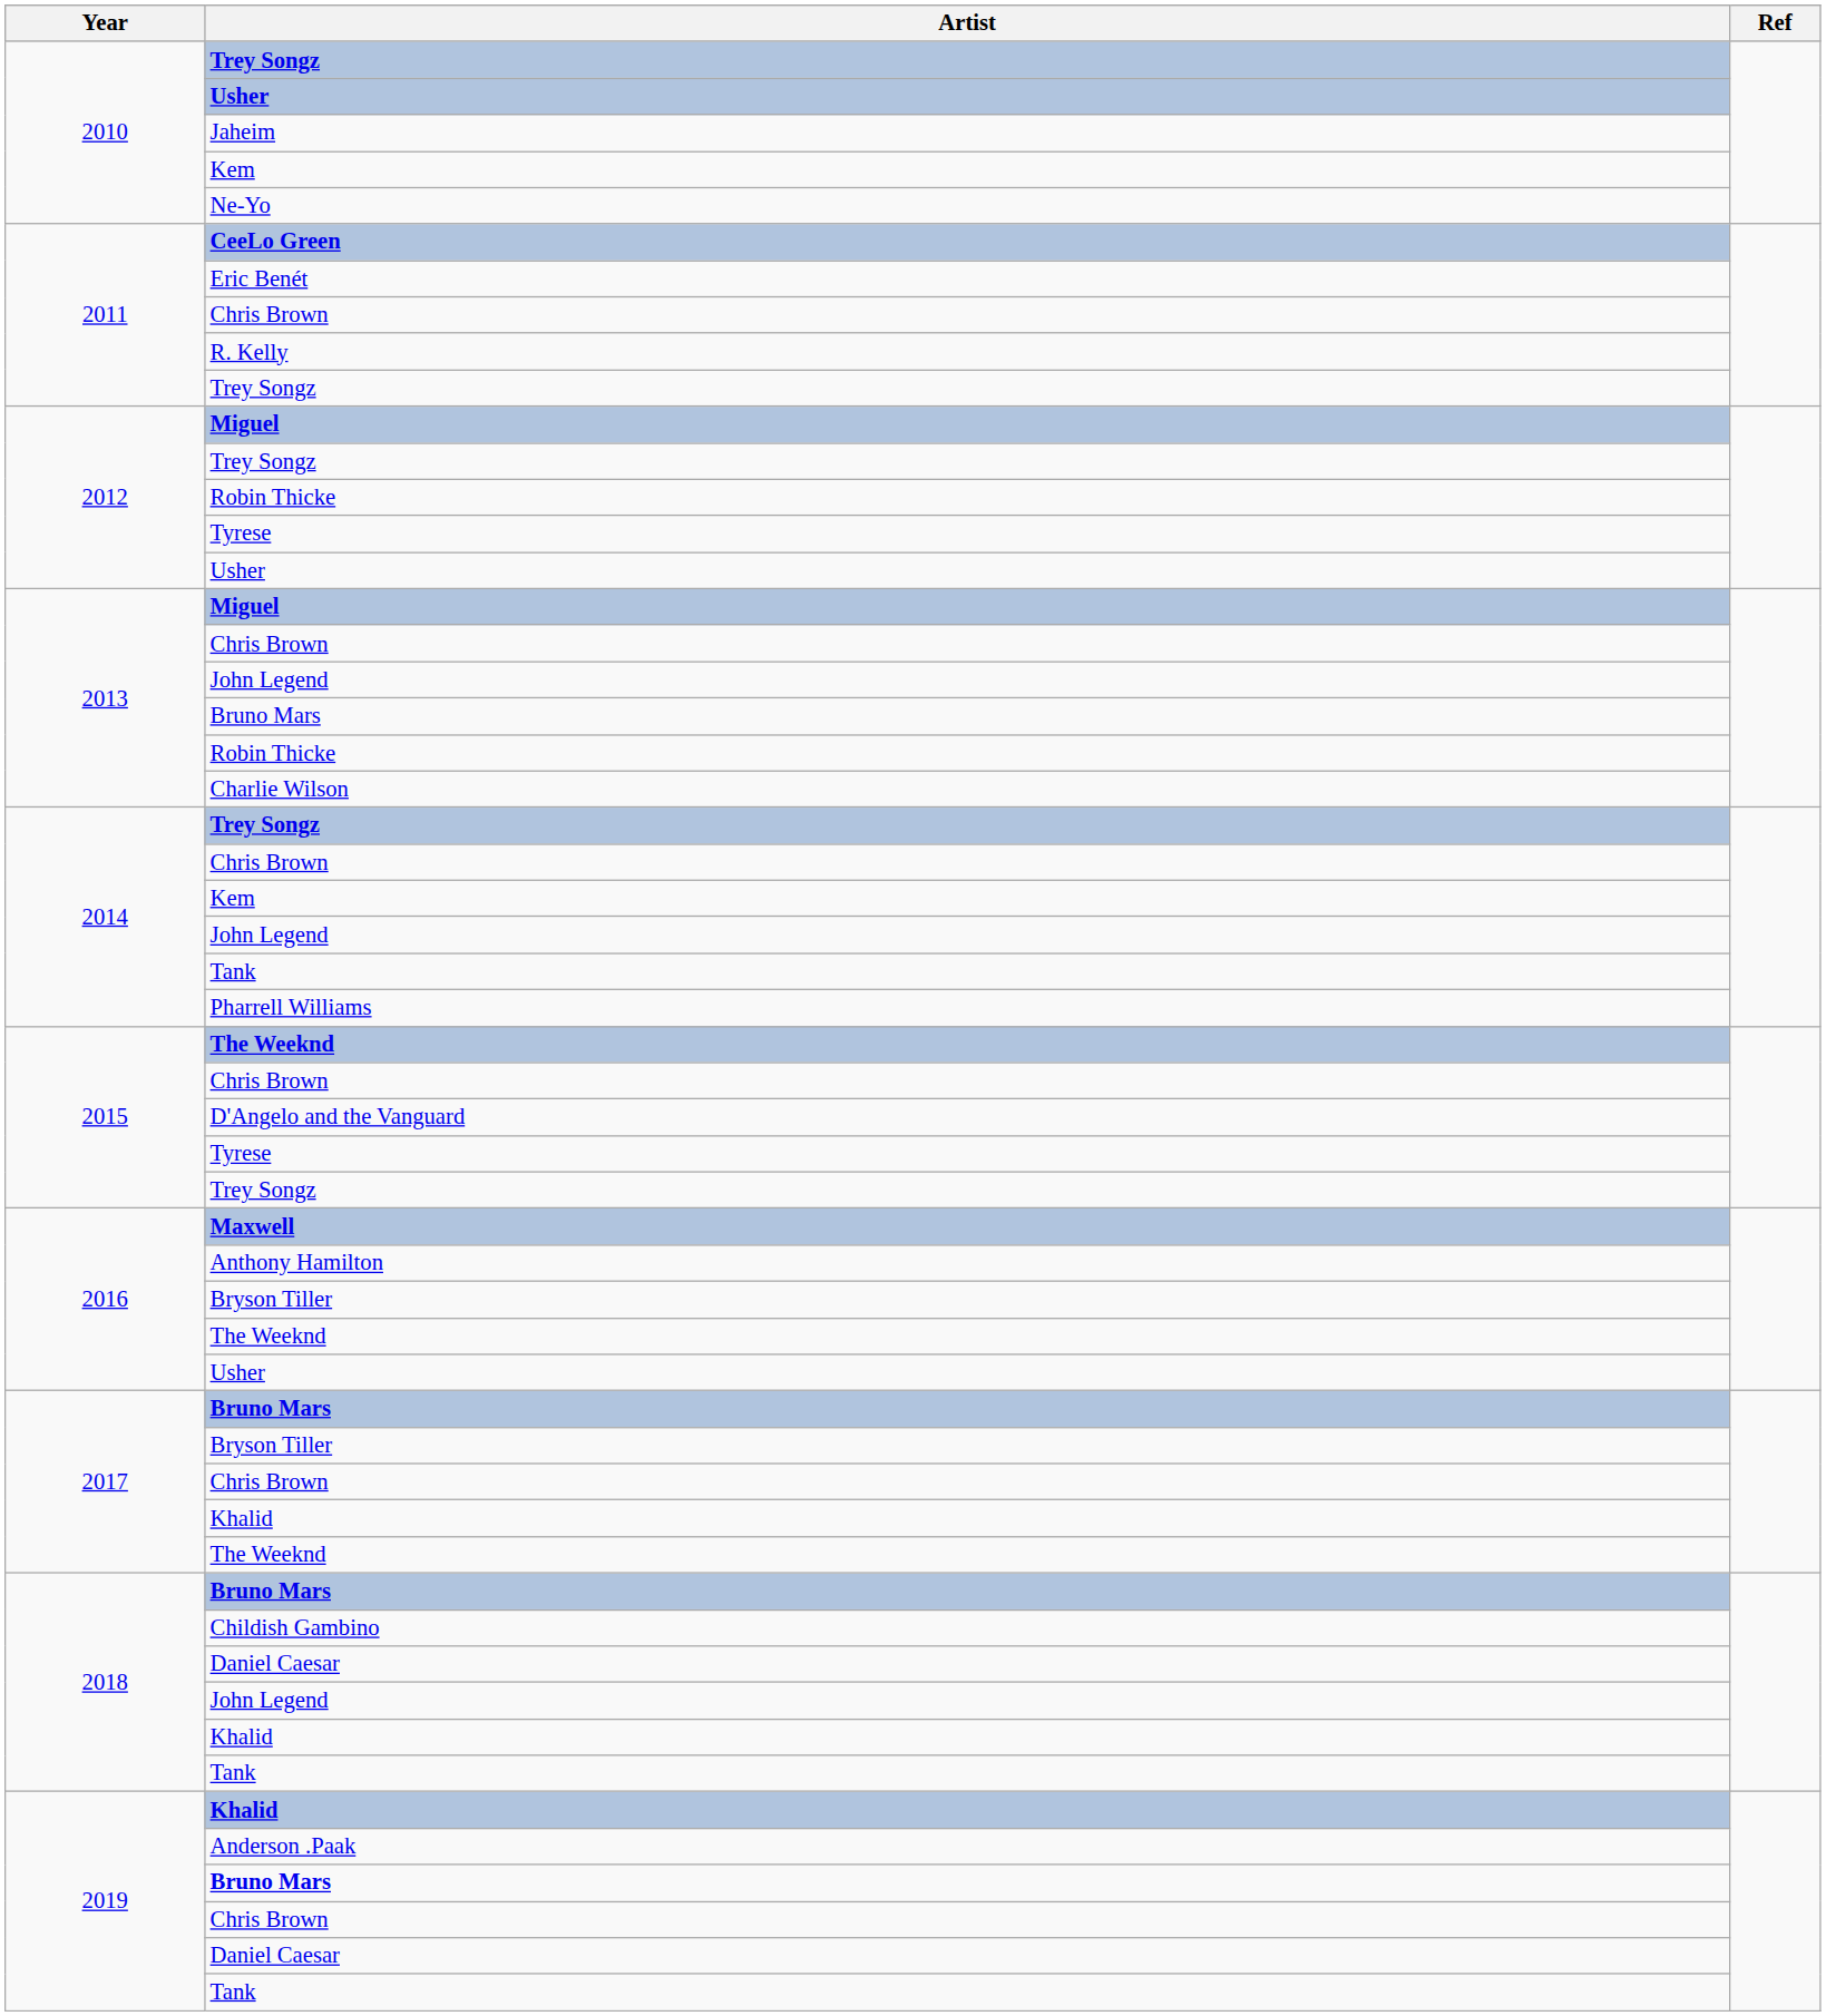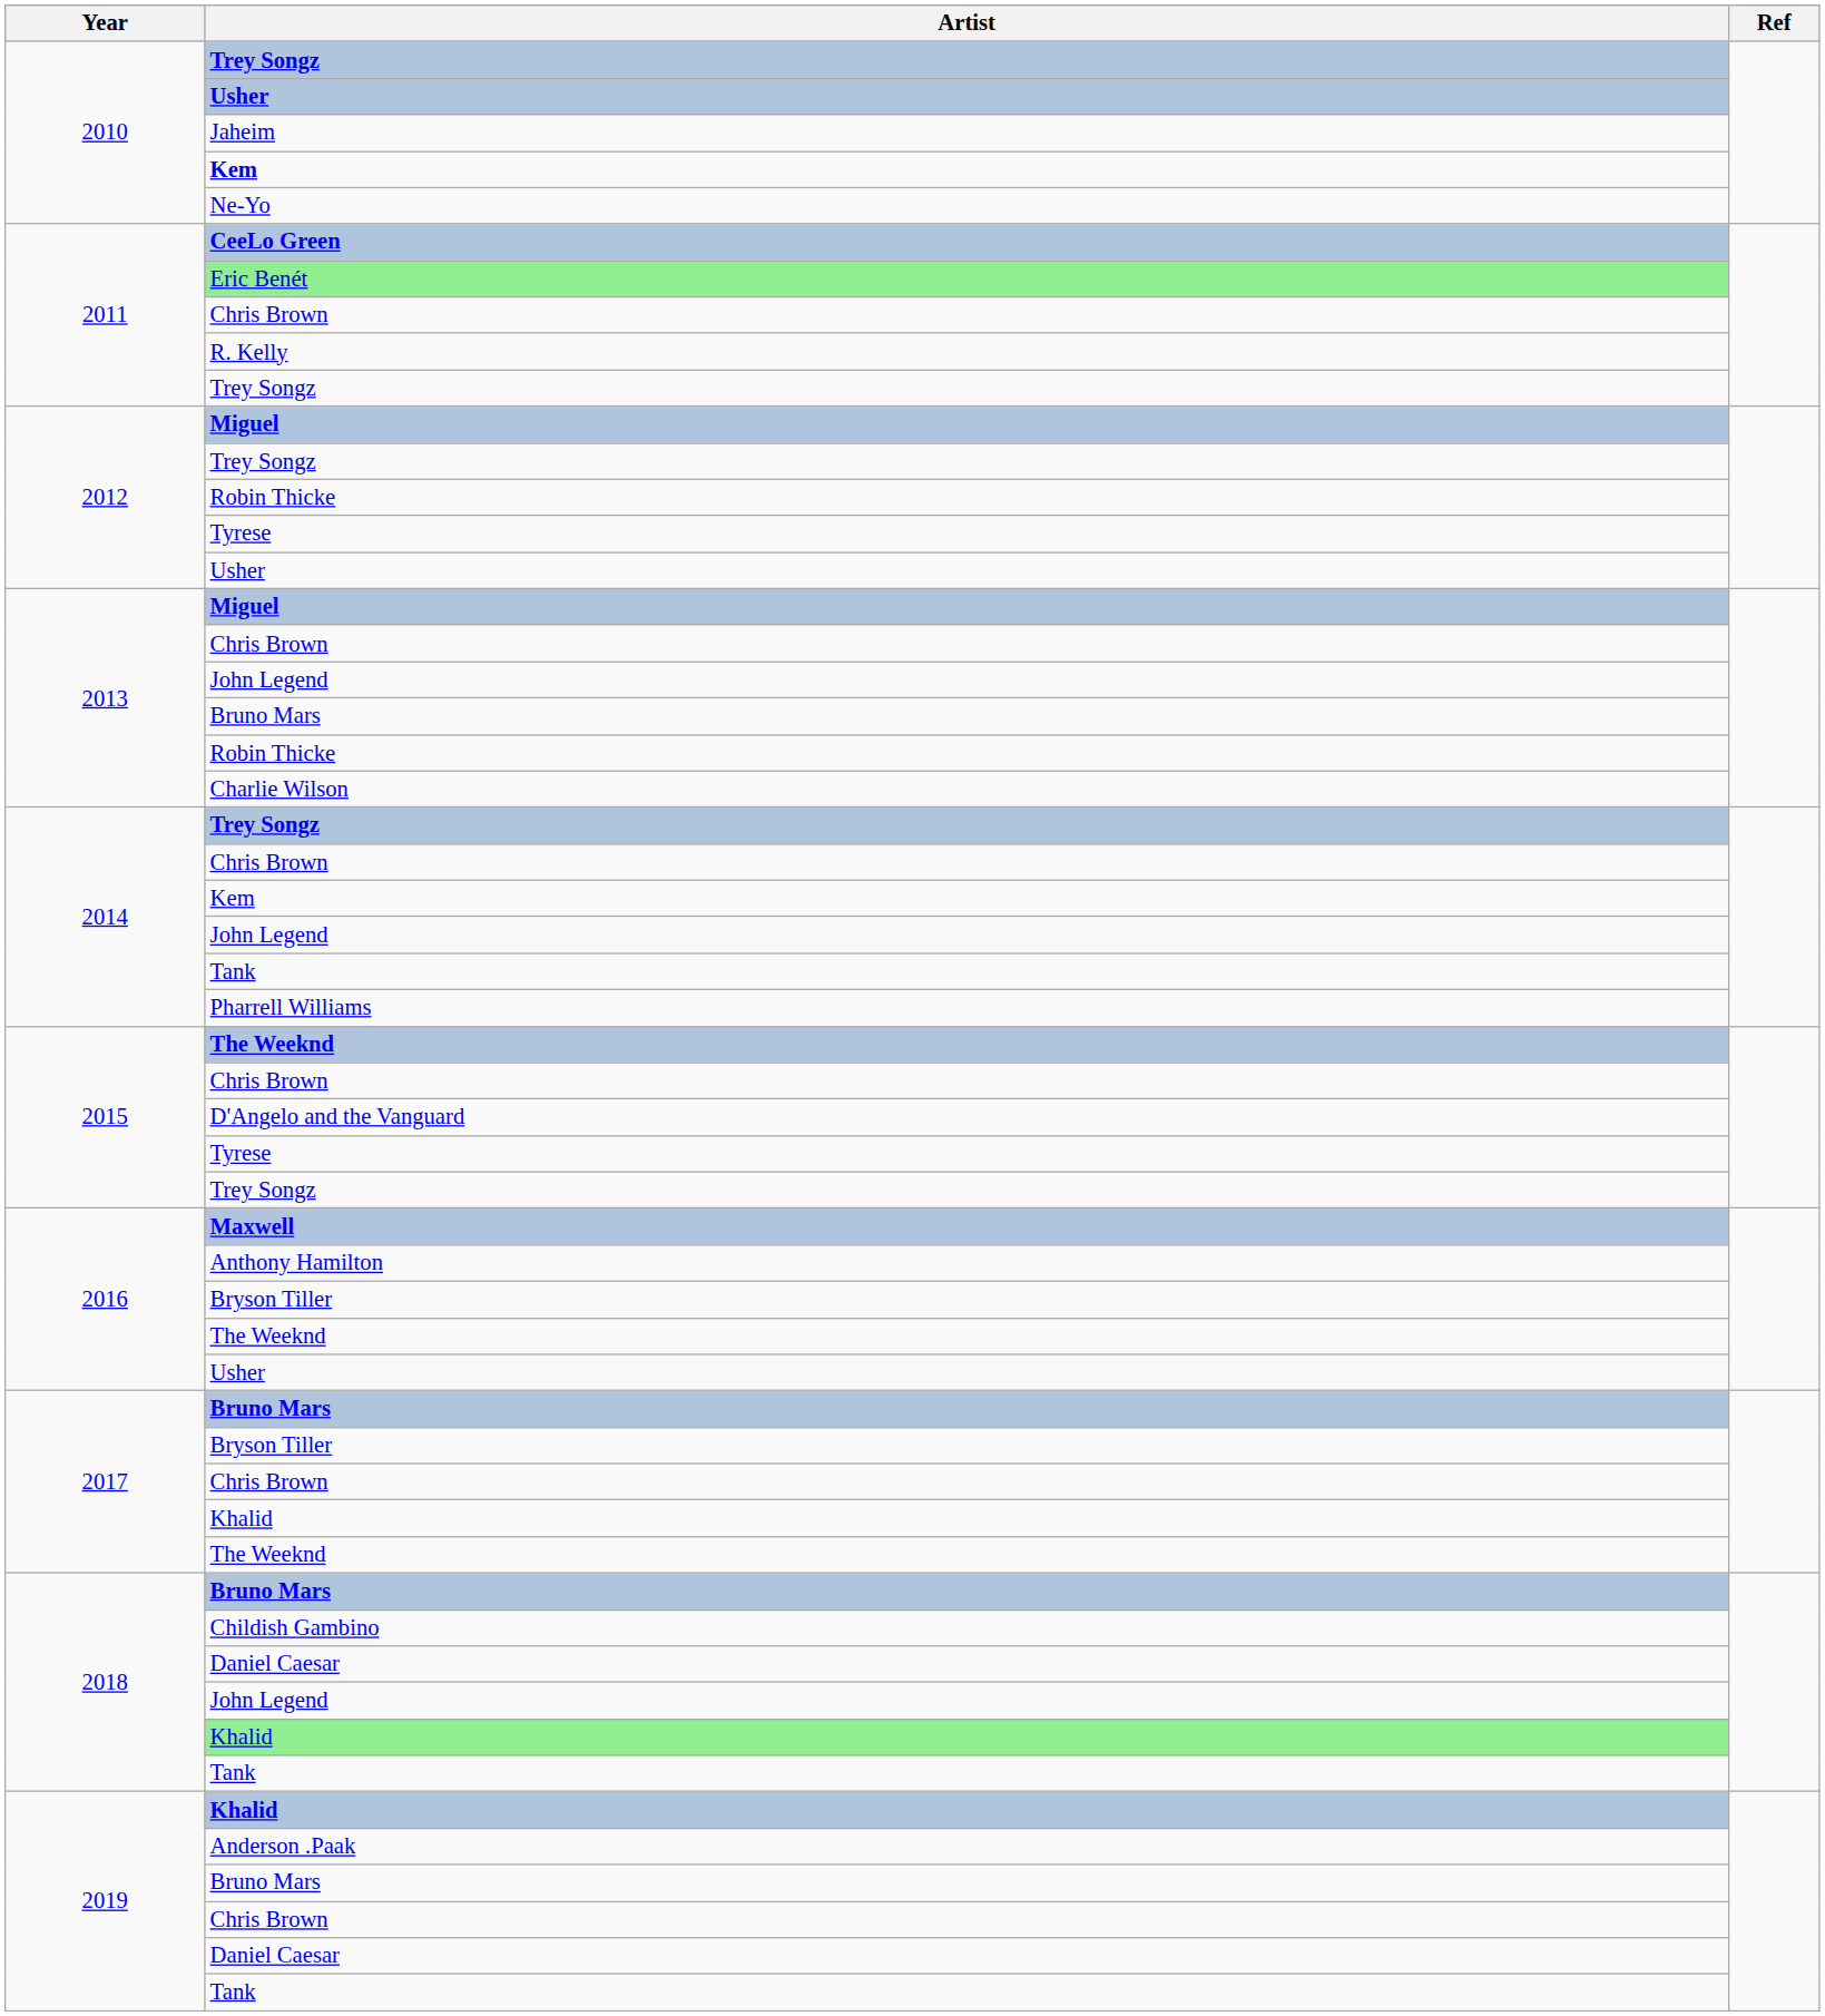 <table class="wikitable" style="width:100%;">
 <tr style="background:#bebebe;">
 <th style="width:11%;">Year</th>
 <th style="width:84%;">Artist</th>
 <th style="width:5%;">Ref</th>
 </tr>
 <tr>
 <td rowspan="5" align="center"><a href='#'>2010</a></td>
 <td style="background:#B0C4DE"><strong><a href='#'>Trey Songz</a></strong></td>
 <td rowspan="5" align="center"></td>
 </tr>
 <tr>
 <td style="background:#B0C4DE"><strong><a href='#'>Usher</a></strong></td>
 </tr>
 <tr>
 <td><a href='#'>Jaheim</a></td>
 </tr>
 <tr>
-<td><a href='#'>Kem</a></td>
+<td><strong><a href='#'>Kem</a></strong></td>
 </tr>
 <tr>
 <td><a href='#'>Ne-Yo</a></td>
 </tr>
 <tr>
 <td rowspan="5" align="center"><a href='#'>2011</a></td>
 <td style="background:#B0C4DE"><strong><a href='#'>CeeLo Green</a></strong></td>
 <td rowspan="5" align="center"></td>
 </tr>
 <tr>
-<td><a href='#'>Eric Benét</a></td>
+<td style="background: lightgreen;"><a href='#'>Eric Benét</a></td>
 </tr>
 <tr>
 <td><a href='#'>Chris Brown</a></td>
 </tr>
 <tr>
 <td><a href='#'>R. Kelly</a></td>
 </tr>
 <tr>
 <td><a href='#'>Trey Songz</a></td>
 </tr>
 <tr>
 <td rowspan="5" align="center"><a href='#'>2012</a></td>
 <td style="background:#B0C4DE"><strong><a href='#'>Miguel</a></strong></td>
 <td rowspan="5" align="center"></td>
 </tr>
 <tr>
 <td><a href='#'>Trey Songz</a></td>
 </tr>
 <tr>
 <td><a href='#'>Robin Thicke</a></td>
 </tr>
 <tr>
 <td><a href='#'>Tyrese</a></td>
 </tr>
 <tr>
 <td><a href='#'>Usher</a></td>
 </tr>
 <tr>
 <td rowspan="6" align="center"><a href='#'>2013</a></td>
 <td style="background:#B0C4DE"><strong><a href='#'>Miguel</a></strong></td>
 <td rowspan="6" align="center"></td>
 </tr>
 <tr>
 <td><a href='#'>Chris Brown</a></td>
 </tr>
 <tr>
 <td><a href='#'>John Legend</a></td>
 </tr>
 <tr>
 <td><a href='#'>Bruno Mars</a></td>
 </tr>
 <tr>
 <td><a href='#'>Robin Thicke</a></td>
 </tr>
 <tr>
 <td><a href='#'>Charlie Wilson</a></td>
 </tr>
 <tr>
 <td rowspan="6" align="center"><a href='#'>2014</a></td>
 <td style="background:#B0C4DE"><strong><a href='#'>Trey Songz</a></strong></td>
 <td rowspan="6" align="center"></td>
 </tr>
 <tr>
 <td><a href='#'>Chris Brown</a></td>
 </tr>
 <tr>
 <td><a href='#'>Kem</a></td>
 </tr>
 <tr>
 <td><a href='#'>John Legend</a></td>
 </tr>
 <tr>
 <td><a href='#'>Tank</a></td>
 </tr>
 <tr>
 <td><a href='#'>Pharrell Williams</a></td>
 </tr>
 <tr>
 <td rowspan="5" align="center"><a href='#'>2015</a></td>
 <td style="background:#B0C4DE"><strong><a href='#'>The Weeknd</a></strong></td>
 <td rowspan="5" align="center"></td>
 </tr>
 <tr>
 <td><a href='#'>Chris Brown</a></td>
 </tr>
 <tr>
 <td><a href='#'>D'Angelo and the Vanguard</a></td>
 </tr>
 <tr>
 <td><a href='#'>Tyrese</a></td>
 </tr>
 <tr>
 <td><a href='#'>Trey Songz</a></td>
 </tr>
 <tr>
 <td rowspan="5" align="center"><a href='#'>2016</a></td>
 <td style="background:#B0C4DE"><strong><a href='#'>Maxwell</a></strong></td>
 <td rowspan="5" align="center"></td>
 </tr>
 <tr>
 <td><a href='#'>Anthony Hamilton</a></td>
 </tr>
 <tr>
 <td><a href='#'>Bryson Tiller</a></td>
 </tr>
 <tr>
 <td><a href='#'>The Weeknd</a></td>
 </tr>
 <tr>
 <td><a href='#'>Usher</a></td>
 </tr>
 <tr>
 <td rowspan="5" align="center"><a href='#'>2017</a></td>
 <td style="background:#B0C4DE"><strong><a href='#'>Bruno Mars</a></strong></td>
 <td rowspan="5" align="center"></td>
 </tr>
 <tr>
 <td><a href='#'>Bryson Tiller</a></td>
 </tr>
 <tr>
 <td><a href='#'>Chris Brown</a></td>
 </tr>
 <tr>
 <td><a href='#'>Khalid</a></td>
 </tr>
 <tr>
 <td><a href='#'>The Weeknd</a></td>
 </tr>
 <tr>
 <td rowspan="6" align="center"><a href='#'>2018</a></td>
 <td style="background:#B0C4DE"><strong><a href='#'>Bruno Mars</a></strong></td>
 <td rowspan="6" align="center"></td>
 </tr>
 <tr>
 <td><a href='#'>Childish Gambino</a></td>
 </tr>
 <tr>
 <td><a href='#'>Daniel Caesar</a></td>
 </tr>
 <tr>
 <td><a href='#'>John Legend</a></td>
 </tr>
 <tr>
-<td><a href='#'>Khalid</a></td>
+<td style="background: lightgreen;"><a href='#'>Khalid</a></td>
 </tr>
 <tr>
 <td><a href='#'>Tank</a></td>
 </tr>
 <tr>
 <td rowspan="6" align="center"><a href='#'>2019</a></td>
 <td style="background:#B0C4DE"><strong><a href='#'>Khalid</a></strong></td>
 <td rowspan="6" align="center"></td>
 </tr>
 <tr>
 <td><a href='#'>Anderson .Paak</a></td>
 </tr>
 <tr>
-<td><strong><a href='#'>Bruno Mars</a></strong></td>
+<td><a href='#'>Bruno Mars</a></td>
 </tr>
 <tr>
 <td><a href='#'>Chris Brown</a></td>
 </tr>
 <tr>
 <td><a href='#'>Daniel Caesar</a></td>
 </tr>
 <tr>
 <td><a href='#'>Tank</a></td>
 </tr>
 </table>
